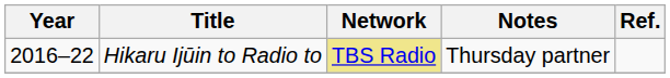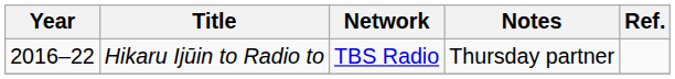 <table class="wikitable">
 <tr>
 <th>Year</th>
 <th>Title</th>
 <th>Network</th>
 <th>Notes</th>
 <th>Ref.</th>
 </tr>
 <tr>
 <td>2016–22</td>
 <td><em>Hikaru Ijūin to Radio to</em></td>
-<td style="background: khaki;"><a href='#'>TBS Radio</a></td>
+<td><a href='#'>TBS Radio</a></td>
 <td>Thursday partner</td>
 <td></td>
 </tr>
 <tr>
 </tr>
 </table>
